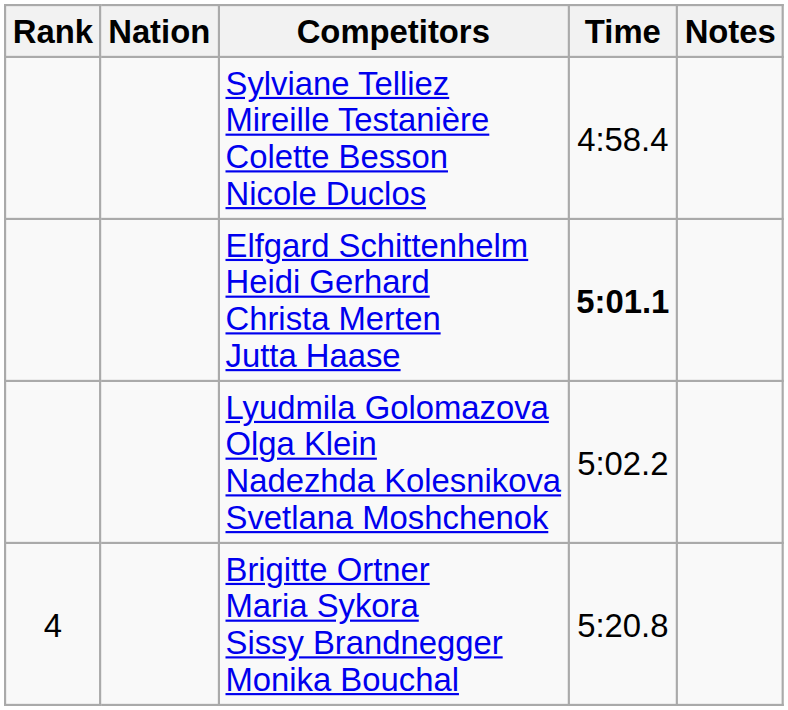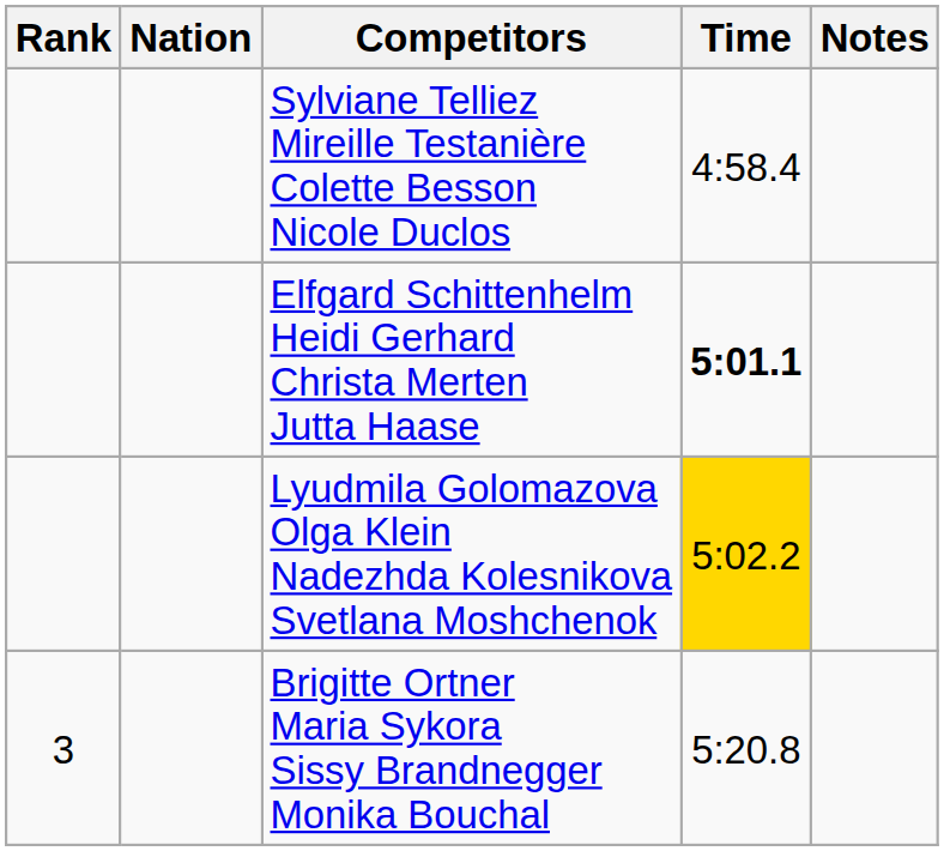 <table class="wikitable sortable" style="text-align:center; font-size:95%">
 <tr>
 <th>Rank</th>
 <th>Nation</th>
 <th>Competitors</th>
 <th>Time</th>
 <th>Notes</th>
 </tr>
 <tr>
 <td></td>
 <td align=left></td>
 <td align=left><a href='#'>Sylviane Telliez</a><br><a href='#'>Mireille Testanière</a><br><a href='#'>Colette Besson</a><br><a href='#'>Nicole Duclos</a></td>
 <td>4:58.4</td>
 <td></td>
 </tr>
 <tr>
 <td></td>
 <td align=left></td>
 <td align=left><a href='#'>Elfgard Schittenhelm</a><br><a href='#'>Heidi Gerhard</a><br><a href='#'>Christa Merten</a><br><a href='#'>Jutta Haase</a></td>
 <td><strong>5:01.1</strong></td>
 <td></td>
 </tr>
 <tr>
 <td></td>
 <td align=left></td>
 <td align=left><a href='#'>Lyudmila Golomazova</a><br><a href='#'>Olga Klein</a><br><a href='#'>Nadezhda Kolesnikova</a><br><a href='#'>Svetlana Moshchenok</a></td>
-<td>5:02.2</td>
+<td style="background: gold;">5:02.2</td>
 <td></td>
 </tr>
 <tr>
-<td>4</td>
+<td>3</td>
 <td align=left></td>
 <td align=left><a href='#'>Brigitte Ortner</a><br><a href='#'>Maria Sykora</a><br><a href='#'>Sissy Brandnegger</a><br><a href='#'>Monika Bouchal</a></td>
 <td>5:20.8</td>
 <td></td>
 </tr>
 </table>
